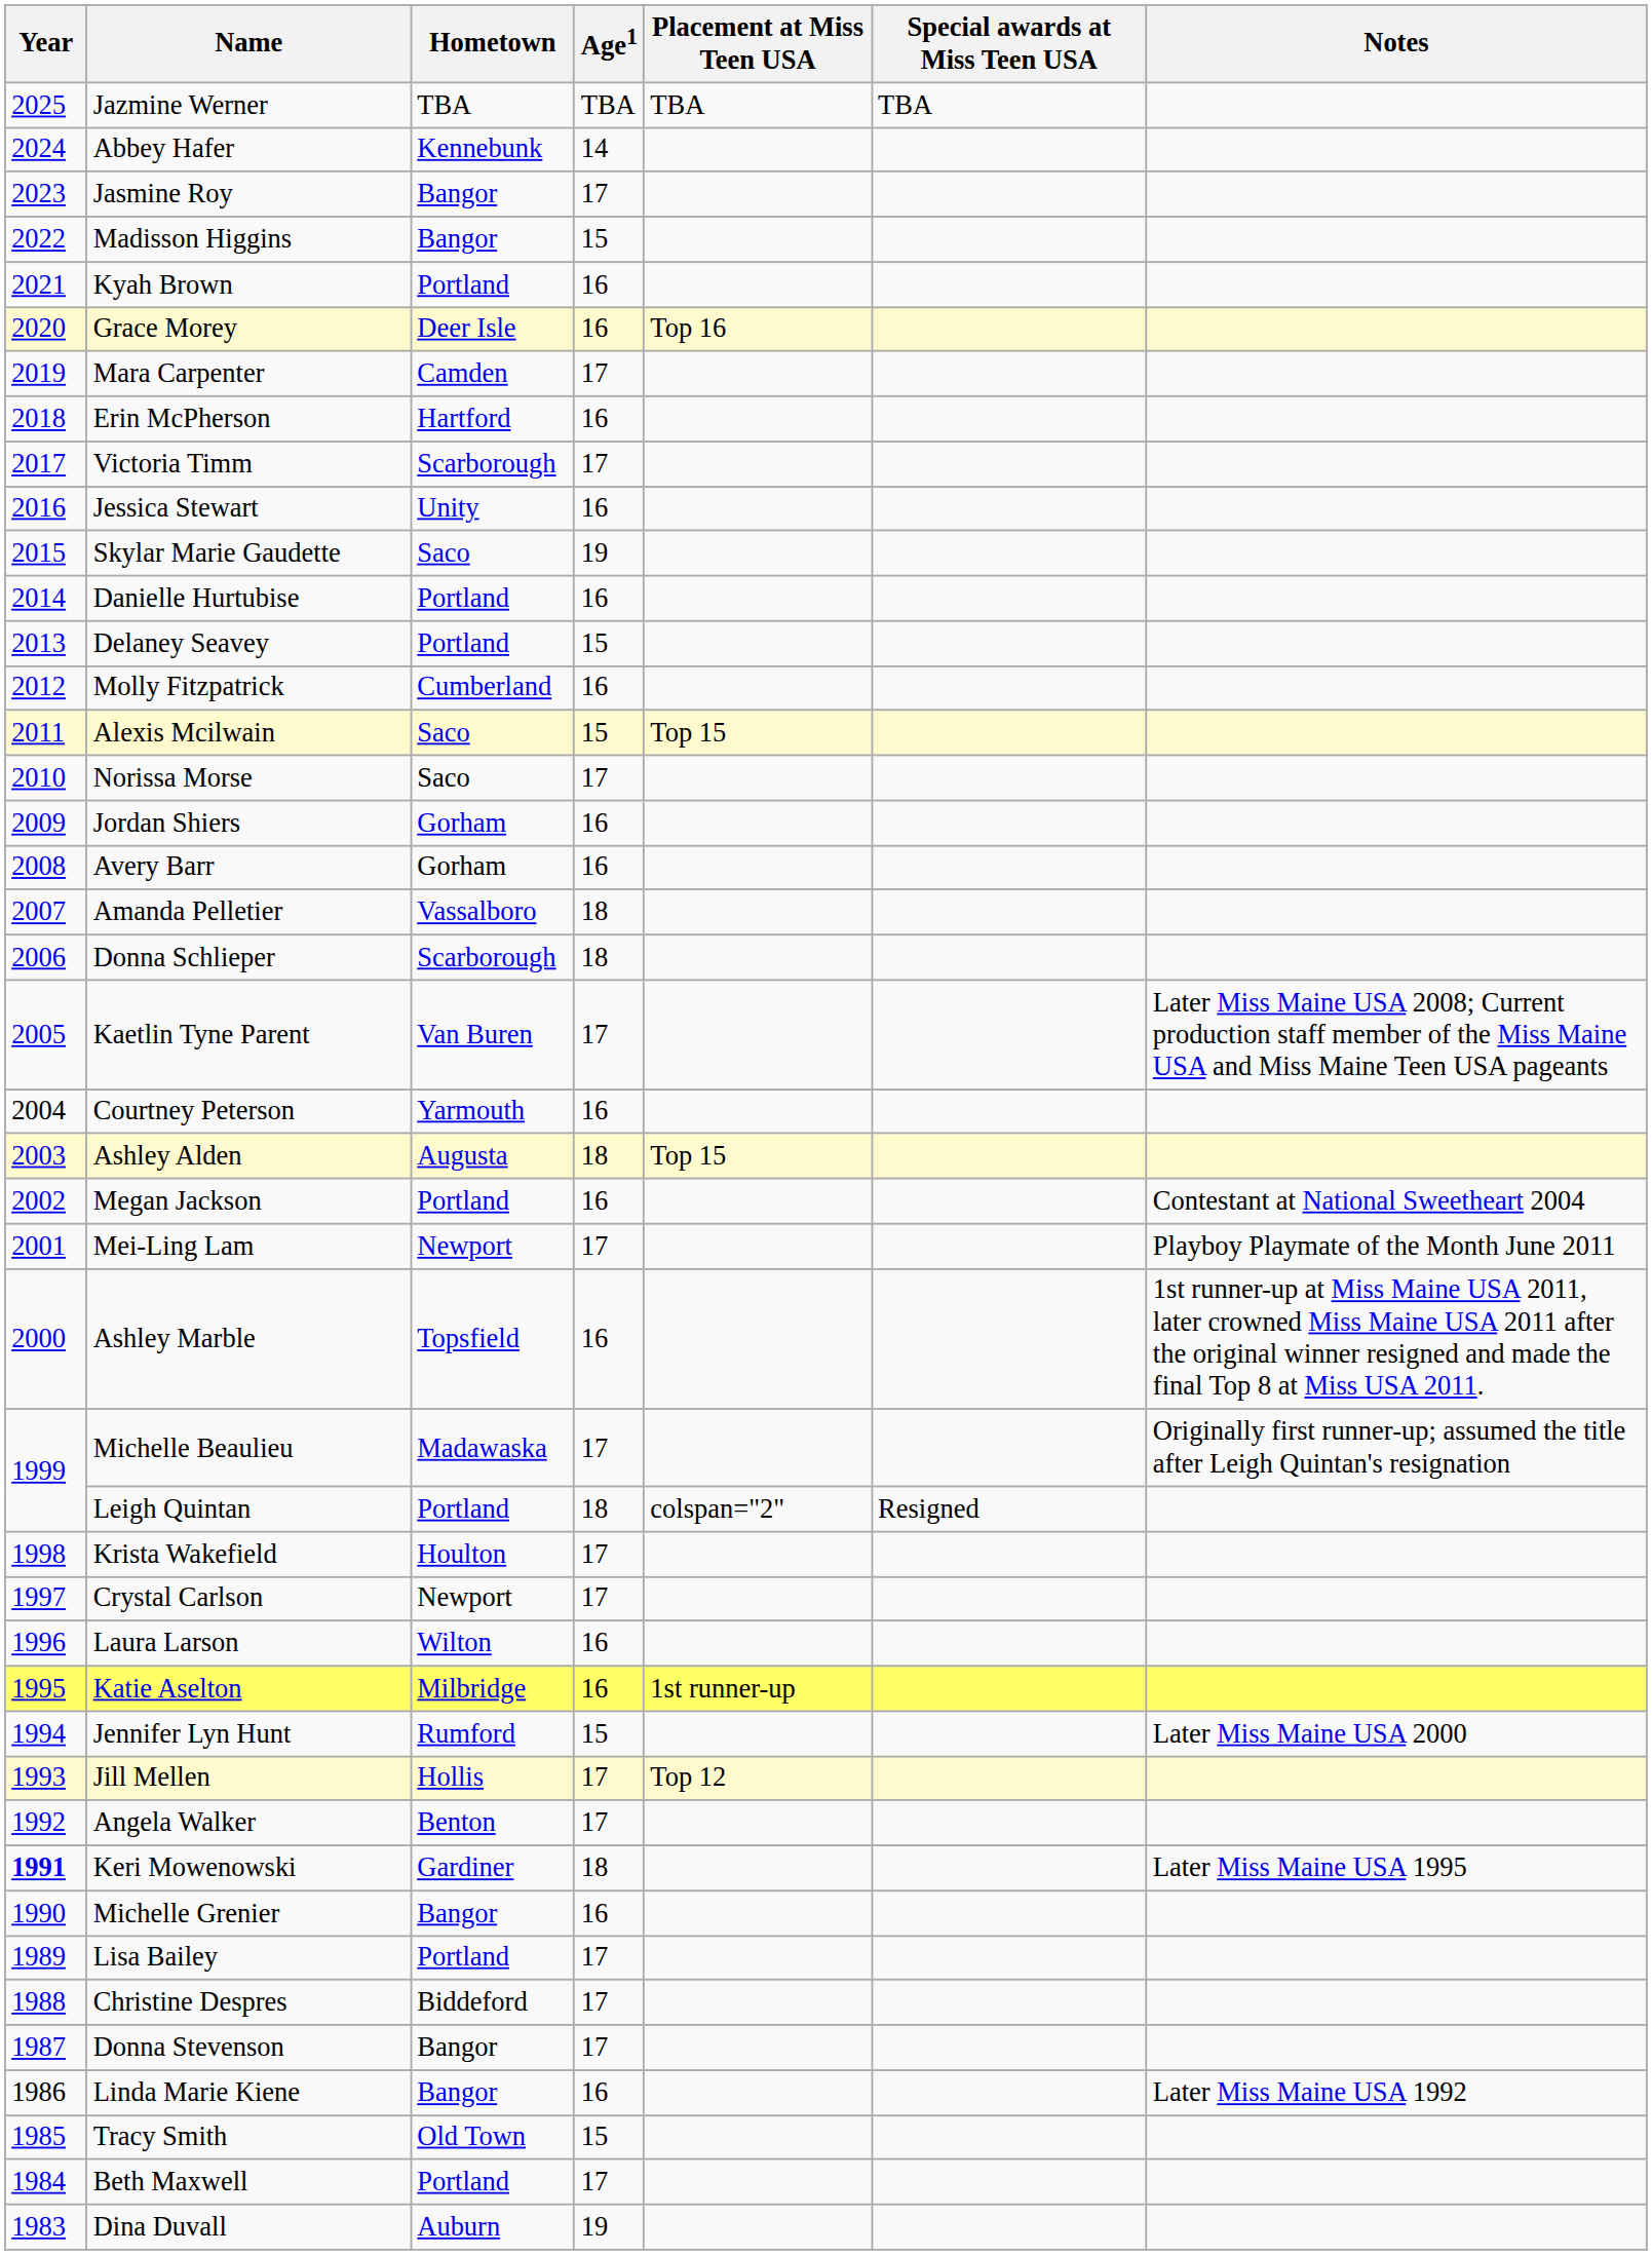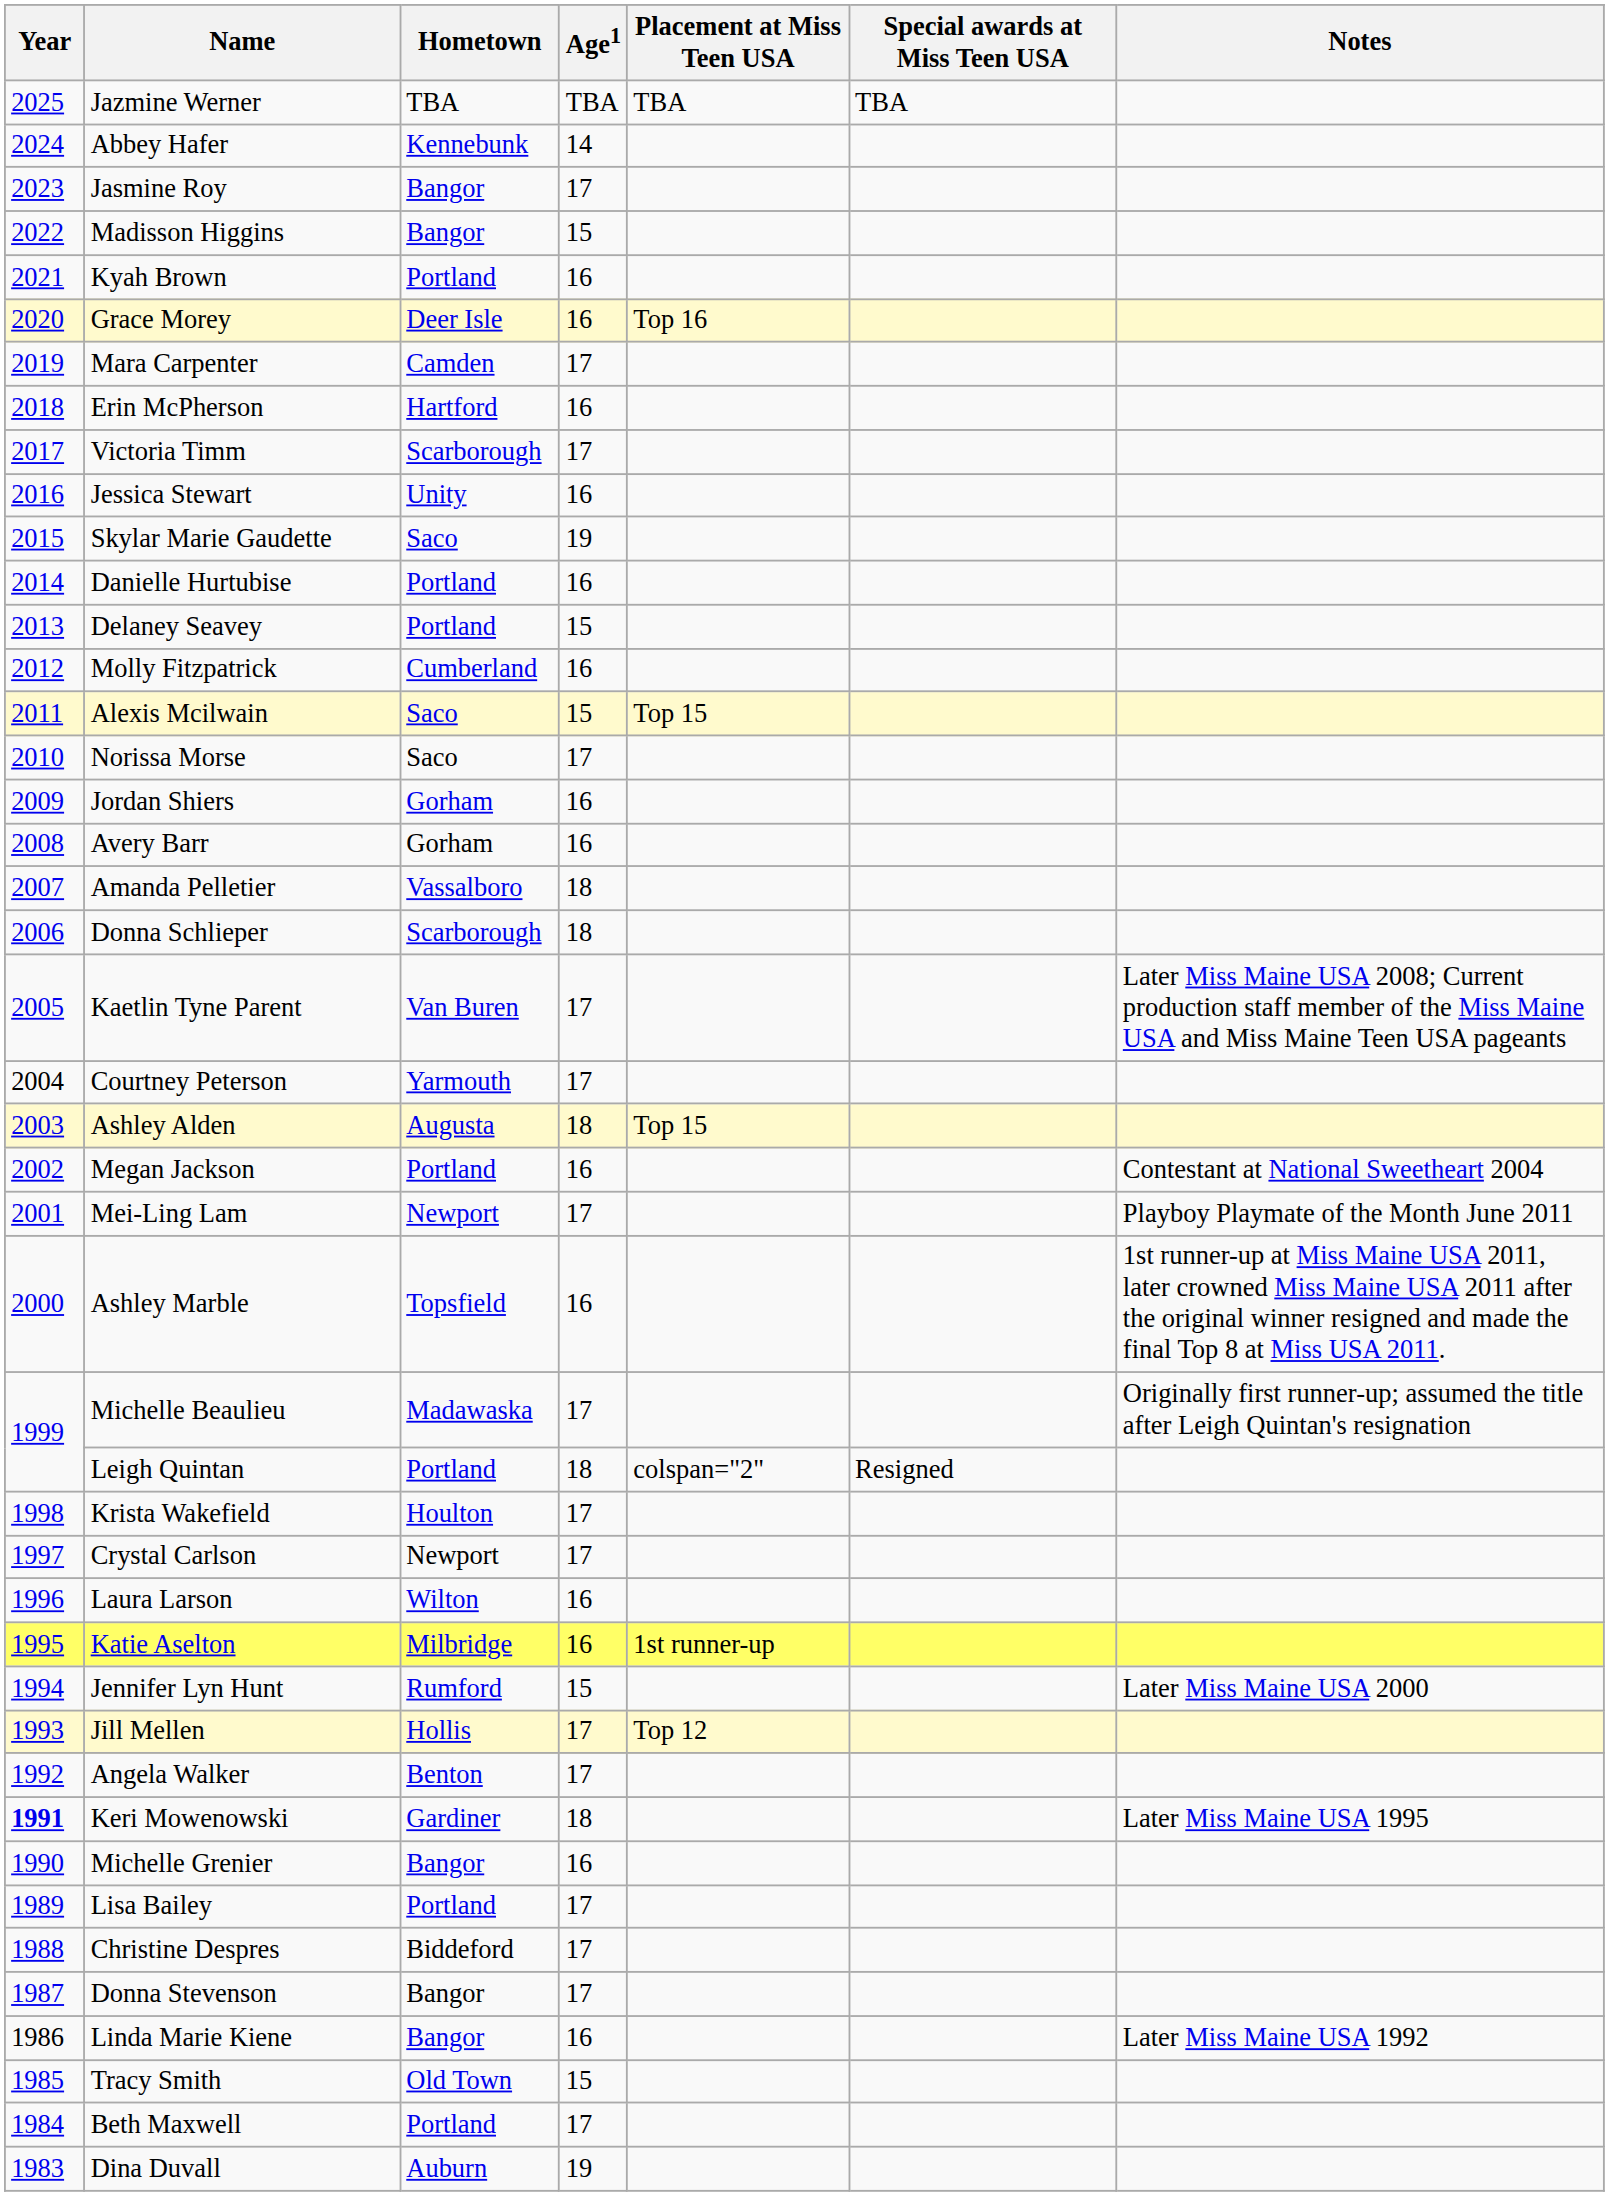 <table class="wikitable"style="font-size:90%;">
 <tr bgcolor="#efefef">
 <th width=5%>Year</th>
 <th width=20%>Name</th>
 <th width=10%>Hometown</th>
 <th width=3%>Age<sup>1</sup></th>
 <th width=14%>Placement at Miss Teen USA</th>
 <th width=17%>Special awards at Miss Teen  USA</th>
 <th width=31%>Notes</th>
 </tr>
 <tr>
 <td><a href='#'>2025</a></td>
 <td>Jazmine Werner</td>
 <td>TBA</td>
 <td>TBA</td>
 <td>TBA</td>
 <td>TBA</td>
 <td></td>
 </tr>
 <tr>
 <td><a href='#'>2024</a></td>
 <td>Abbey Hafer</td>
 <td><a href='#'>Kennebunk</a></td>
 <td>14</td>
 <td></td>
 <td></td>
 <td></td>
 </tr>
 <tr>
 <td><a href='#'>2023</a></td>
 <td>Jasmine Roy</td>
 <td><a href='#'>Bangor</a></td>
 <td>17</td>
 <td></td>
 <td></td>
 <td></td>
 </tr>
 <tr>
 <td><a href='#'>2022</a></td>
 <td>Madisson Higgins</td>
 <td><a href='#'>Bangor</a></td>
 <td>15</td>
 <td></td>
 <td></td>
 <td></td>
 </tr>
 <tr>
 <td><a href='#'>2021</a></td>
 <td>Kyah Brown</td>
 <td><a href='#'>Portland</a></td>
 <td>16</td>
 <td></td>
 <td></td>
 <td></td>
 </tr>
 <tr style="background-color:#FFFACD;">
 <td><a href='#'>2020</a></td>
 <td>Grace Morey</td>
 <td><a href='#'>Deer Isle</a></td>
 <td>16</td>
 <td>Top 16</td>
 <td></td>
 <td></td>
 </tr>
 <tr>
 <td><a href='#'>2019</a></td>
 <td>Mara Carpenter</td>
 <td><a href='#'>Camden</a></td>
 <td>17</td>
 <td></td>
 <td></td>
 <td></td>
 </tr>
 <tr>
 <td><a href='#'>2018</a></td>
 <td>Erin McPherson</td>
 <td><a href='#'>Hartford</a></td>
 <td>16</td>
 <td></td>
 <td></td>
 <td></td>
 </tr>
 <tr>
 <td><a href='#'>2017</a></td>
 <td>Victoria Timm</td>
 <td><a href='#'>Scarborough</a></td>
 <td>17</td>
 <td></td>
 <td></td>
 <td></td>
 </tr>
 <tr>
 <td><a href='#'>2016</a></td>
 <td>Jessica Stewart</td>
 <td><a href='#'>Unity</a></td>
 <td>16</td>
 <td></td>
 <td></td>
 <td></td>
 </tr>
 <tr>
 <td><a href='#'>2015</a></td>
 <td>Skylar Marie Gaudette</td>
 <td><a href='#'>Saco</a></td>
 <td>19</td>
 <td></td>
 <td></td>
 <td></td>
 </tr>
 <tr>
 <td><a href='#'>2014</a></td>
 <td>Danielle Hurtubise</td>
 <td><a href='#'>Portland</a></td>
 <td>16</td>
 <td></td>
 <td></td>
 <td></td>
 </tr>
 <tr>
 <td><a href='#'>2013</a></td>
 <td>Delaney Seavey</td>
 <td><a href='#'>Portland</a></td>
 <td>15</td>
 <td></td>
 <td></td>
 <td></td>
 </tr>
 <tr>
 <td><a href='#'>2012</a></td>
 <td>Molly Fitzpatrick</td>
 <td><a href='#'>Cumberland</a></td>
 <td>16</td>
 <td></td>
 <td></td>
 <td></td>
 </tr>
 <tr style="background-color:#FFFACD;">
 <td><a href='#'>2011</a></td>
 <td>Alexis Mcilwain</td>
 <td><a href='#'>Saco</a></td>
 <td>15</td>
 <td>Top 15</td>
 <td></td>
 <td></td>
 </tr>
 <tr>
 <td><a href='#'>2010</a></td>
 <td>Norissa Morse</td>
 <td>Saco</td>
 <td>17</td>
 <td></td>
 <td></td>
 <td></td>
 </tr>
 <tr>
 <td><a href='#'>2009</a></td>
 <td>Jordan Shiers</td>
 <td><a href='#'>Gorham</a></td>
 <td>16</td>
 <td></td>
 <td></td>
 <td></td>
 </tr>
 <tr>
 <td><a href='#'>2008</a></td>
 <td>Avery Barr</td>
 <td>Gorham</td>
 <td>16</td>
 <td></td>
 <td></td>
 <td></td>
 </tr>
 <tr>
 <td><a href='#'>2007</a></td>
 <td>Amanda Pelletier</td>
 <td><a href='#'>Vassalboro</a></td>
 <td>18</td>
 <td></td>
 <td></td>
 <td></td>
 </tr>
 <tr>
 <td><a href='#'>2006</a></td>
 <td>Donna Schlieper</td>
 <td><a href='#'>Scarborough</a></td>
 <td>18</td>
 <td></td>
 <td></td>
 <td></td>
 </tr>
 <tr>
 <td><a href='#'>2005</a></td>
 <td>Kaetlin Tyne Parent</td>
 <td><a href='#'>Van Buren</a></td>
 <td>17</td>
 <td></td>
 <td></td>
 <td>Later <a href='#'>Miss Maine USA</a> 2008; Current production staff member of the <a href='#'>Miss Maine USA</a> and Miss Maine Teen USA pageants</td>
 </tr>
 <tr>
 <td>2004</td>
 <td>Courtney Peterson</td>
 <td><a href='#'>Yarmouth</a></td>
-<td>16</td>
+<td>17</td>
 <td></td>
 <td></td>
 <td></td>
 </tr>
 <tr style="background-color:#FFFACD;">
 <td><a href='#'>2003</a></td>
 <td>Ashley Alden</td>
 <td><a href='#'>Augusta</a></td>
 <td>18</td>
 <td>Top 15</td>
 <td></td>
 <td></td>
 </tr>
 <tr>
 <td><a href='#'>2002</a></td>
 <td>Megan Jackson</td>
 <td><a href='#'>Portland</a></td>
 <td>16</td>
 <td></td>
 <td></td>
 <td>Contestant at <a href='#'>National Sweetheart</a> 2004</td>
 </tr>
 <tr>
 <td><a href='#'>2001</a></td>
 <td>Mei-Ling Lam</td>
 <td><a href='#'>Newport</a></td>
 <td>17</td>
 <td></td>
 <td></td>
 <td>Playboy Playmate of the Month June 2011</td>
 </tr>
 <tr>
 <td><a href='#'>2000</a></td>
 <td>Ashley Marble</td>
 <td><a href='#'>Topsfield</a></td>
 <td>16</td>
 <td></td>
 <td></td>
 <td>1st runner-up at <a href='#'>Miss Maine USA</a> 2011, later crowned <a href='#'>Miss Maine USA</a> 2011 after the original winner resigned and made the final Top 8 at <a href='#'>Miss USA 2011</a>.</td>
 </tr>
 <tr>
 <td rowspan=2><a href='#'>1999</a></td>
 <td>Michelle Beaulieu</td>
 <td><a href='#'>Madawaska</a></td>
 <td>17</td>
 <td></td>
 <td></td>
 <td>Originally first runner-up; assumed the title after Leigh Quintan's resignation</td>
 </tr>
 <tr>
 <td>Leigh Quintan</td>
 <td><a href='#'>Portland</a></td>
 <td>18</td>
 <td>colspan="2" </td>
 <td>Resigned</td>
 </tr>
 <tr>
 <td><a href='#'>1998</a></td>
 <td>Krista Wakefield</td>
 <td><a href='#'>Houlton</a></td>
 <td>17</td>
 <td></td>
 <td></td>
 <td></td>
 </tr>
 <tr>
 <td><a href='#'>1997</a></td>
 <td>Crystal Carlson</td>
 <td>Newport</td>
 <td>17</td>
 <td></td>
 <td></td>
 <td></td>
 </tr>
 <tr>
 <td><a href='#'>1996</a></td>
 <td>Laura Larson</td>
 <td><a href='#'>Wilton</a></td>
 <td>16</td>
 <td></td>
 <td></td>
 <td></td>
 </tr>
 <tr style="background-color:#FFFF66;">
 <td><a href='#'>1995</a></td>
 <td><a href='#'>Katie Aselton</a></td>
 <td><a href='#'>Milbridge</a></td>
 <td>16</td>
 <td>1st runner-up</td>
 <td></td>
 <td></td>
 </tr>
 <tr>
 <td><a href='#'>1994</a></td>
 <td>Jennifer Lyn Hunt</td>
 <td><a href='#'>Rumford</a></td>
 <td>15</td>
 <td></td>
 <td></td>
 <td>Later <a href='#'>Miss Maine USA</a> 2000</td>
 </tr>
 <tr style="background-color:#FFFACD;">
 <td><a href='#'>1993</a></td>
 <td>Jill Mellen</td>
 <td><a href='#'>Hollis</a></td>
 <td>17</td>
 <td>Top 12</td>
 <td></td>
 <td></td>
 </tr>
 <tr>
 <td><a href='#'>1992</a></td>
 <td>Angela Walker</td>
 <td><a href='#'>Benton</a></td>
 <td>17</td>
 <td></td>
 <td></td>
 <td></td>
 </tr>
 <tr>
 <td><strong><a href='#'>1991</a></strong></td>
 <td>Keri Mowenowski</td>
 <td><a href='#'>Gardiner</a></td>
 <td>18</td>
 <td></td>
 <td></td>
 <td>Later <a href='#'>Miss Maine USA</a> 1995</td>
 </tr>
 <tr>
 <td><a href='#'>1990</a></td>
 <td>Michelle Grenier</td>
 <td><a href='#'>Bangor</a></td>
 <td>16</td>
 <td></td>
 <td></td>
 <td></td>
 </tr>
 <tr>
 <td><a href='#'>1989</a></td>
 <td>Lisa Bailey</td>
 <td><a href='#'>Portland</a></td>
 <td>17</td>
 <td></td>
 <td></td>
 <td></td>
 </tr>
 <tr>
 <td><a href='#'>1988</a></td>
 <td>Christine Despres</td>
 <td>Biddeford</td>
 <td>17</td>
 <td></td>
 <td></td>
 <td></td>
 </tr>
 <tr>
 <td><a href='#'>1987</a></td>
 <td>Donna Stevenson</td>
 <td>Bangor</td>
 <td>17</td>
 <td></td>
 <td></td>
 <td></td>
 </tr>
 <tr>
 <td>1986</td>
 <td>Linda Marie Kiene</td>
 <td><a href='#'>Bangor</a></td>
 <td>16</td>
 <td></td>
 <td></td>
 <td>Later <a href='#'>Miss Maine USA</a> 1992</td>
 </tr>
 <tr>
 <td><a href='#'>1985</a></td>
 <td>Tracy Smith</td>
 <td><a href='#'>Old Town</a></td>
 <td>15</td>
 <td></td>
 <td></td>
 <td></td>
 </tr>
 <tr>
 <td><a href='#'>1984</a></td>
 <td>Beth Maxwell</td>
 <td><a href='#'>Portland</a></td>
 <td>17</td>
 <td></td>
 <td></td>
 <td></td>
 </tr>
 <tr>
 <td><a href='#'>1983</a></td>
 <td>Dina Duvall</td>
 <td><a href='#'>Auburn</a></td>
 <td>19</td>
 <td></td>
 <td></td>
 <td></td>
 </tr>
 </table>
